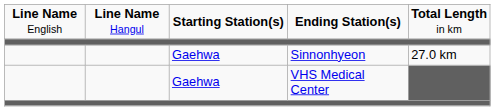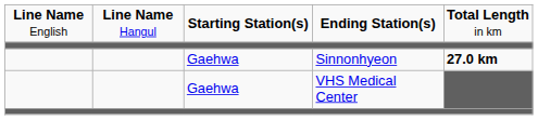 <table class="wikitable">
 <tr style="text-align:center;">
 <td width = "100pt"><strong>Line Name</strong><br><small>English</small></td>
 <td width = "105pt"><strong>Line Name</strong><br><small><a href='#'>Hangul</a></small></td>
 <td width = "150pt"><strong>Starting Station(s)</strong></td>
 <td width = "150pt"><strong>Ending Station(s)</strong></td>
 <td width = "100pt"><strong>Total Length</strong><br><small>in km</small></td>
 </tr>
 <tr style = "background:#606060; height: 2pt">
 <td colspan = "6"></td>
 </tr>
 <tr>
 <td style="text-align:center;"> </td>
 <td></td>
 <td><a href='#'>Gaehwa</a></td>
 <td><a href='#'>Sinnonhyeon</a></td>
-<td>27.0 km</td>
+<td><strong>27.0 km</strong></td>
 </tr>
 <tr>
 <td style="text-align:center;"> </td>
 <td></td>
 <td><a href='#'>Gaehwa</a></td>
 <td><a href='#'>VHS Medical Center</a></td>
 <td style = "background:#606060;"></td>
 </tr>
 <tr style = "background:#606060; height: 2pt">
 <td colspan = "6"></td>
 </tr>
 </table>
